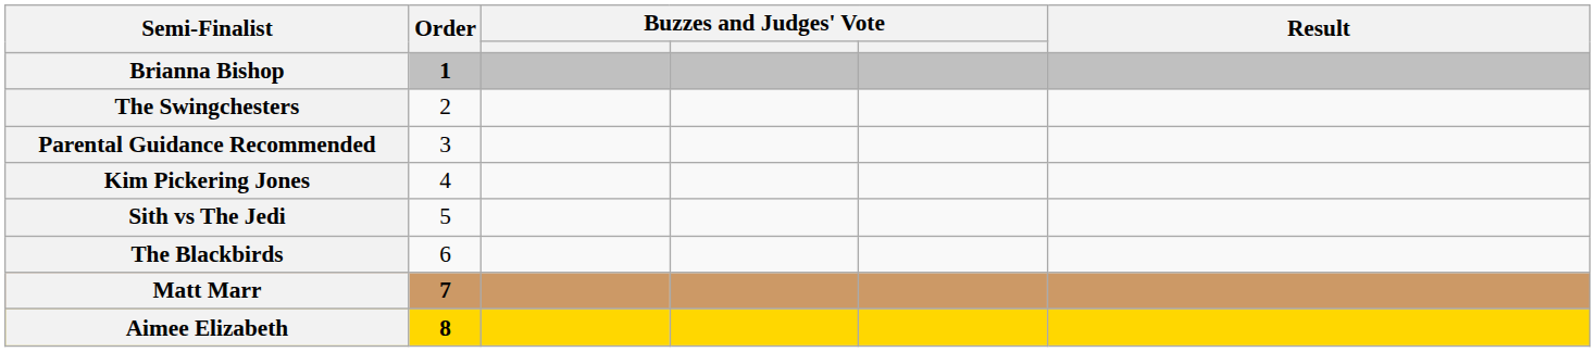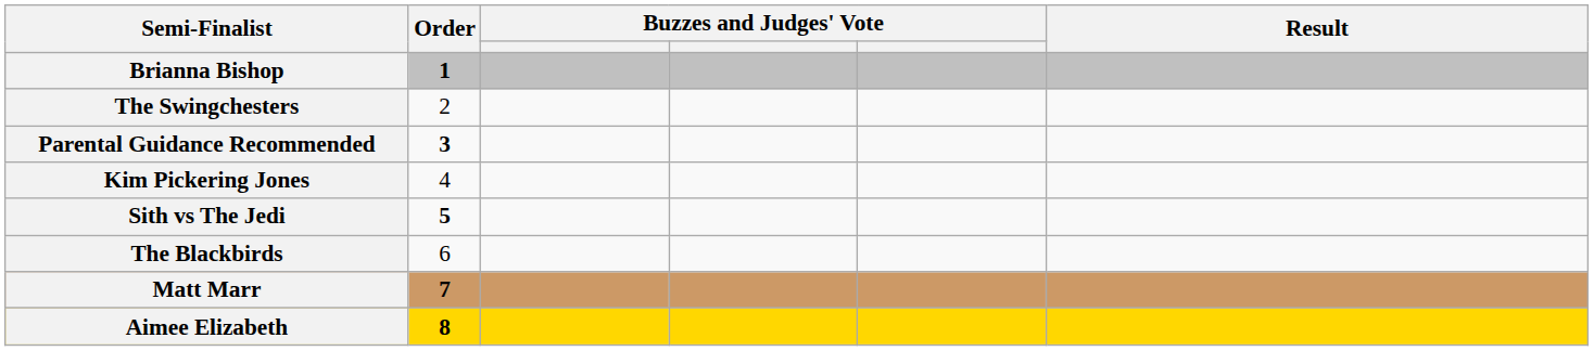 <table class="wikitable plainrowheaders sortable" style="text-align:center;">
 <tr>
 <th scope="col" rowspan=2 class="unsortable" style="width:17em;">Semi-Finalist</th>
 <th scope="col" rowspan=2 style="width:1em;">Order</th>
 <th scope="col" colspan=3 class="unsortable" style="width:24em;">Buzzes and Judges' Vote</th>
 <th scope="col" rowspan=2 style="width:23em;">Result</th>
 </tr>
 <tr>
 <th scope="col" class="unsortable" style="width:6em;"></th>
 <th scope="col" class="unsortable" style="width:6em;"></th>
 <th scope="col" class="unsortable" style="width:6em;"></th>
 </tr>
 <tr bgcolor=silver>
 <th scope="row"><strong>Brianna Bishop</strong></th>
 <td><strong>1</strong></td>
 <td style="text-align:center;"></td>
 <td style="text-align:center;"></td>
 <td style="text-align:center;"></td>
 <td><strong></strong></td>
 </tr>
 <tr>
 <th scope="row">The Swingchesters</th>
 <td>2</td>
 <td style="text-align:center;"></td>
 <td style="text-align:center;"></td>
 <td style="text-align:center;"></td>
 <td></td>
 </tr>
 <tr>
 <th scope="row">Parental Guidance Recommended</th>
-<td>3</td>
+<td><strong>3</strong></td>
 <td style="text-align:center;"></td>
 <td style="text-align:center;"></td>
 <td style="text-align:center;"></td>
 <td></td>
 </tr>
 <tr>
 <th scope="row">Kim Pickering Jones</th>
 <td>4</td>
 <td style="text-align:center;"></td>
 <td style="text-align:center;"></td>
 <td style="text-align:center;"></td>
 <td></td>
 </tr>
 <tr>
 <th scope="row">Sith vs The Jedi</th>
-<td>5</td>
+<td><strong>5</strong></td>
 <td style="text-align:center;"></td>
 <td style="text-align:center;"></td>
 <td style="text-align:center;"></td>
 <td></td>
 </tr>
 <tr>
 <th scope="row">The Blackbirds</th>
 <td>6</td>
 <td style="text-align:center;"></td>
 <td style="text-align:center;"></td>
 <td style="text-align:center;"></td>
 <td></td>
 </tr>
 <tr bgcolor=#c96>
 <th scope="row"><strong>Matt Marr</strong></th>
 <td><strong>7</strong></td>
 <td style="text-align:center;"></td>
 <td style="text-align:center;"></td>
 <td style="text-align:center;"></td>
 <td><strong></strong></td>
 </tr>
 <tr bgcolor=gold>
 <th scope="row"><strong>Aimee Elizabeth</strong></th>
 <td><strong>8</strong></td>
 <td style="text-align:center;"></td>
 <td style="text-align:center;"></td>
 <td style="text-align:center;"></td>
 <td><strong></strong></td>
 </tr>
 </table>
